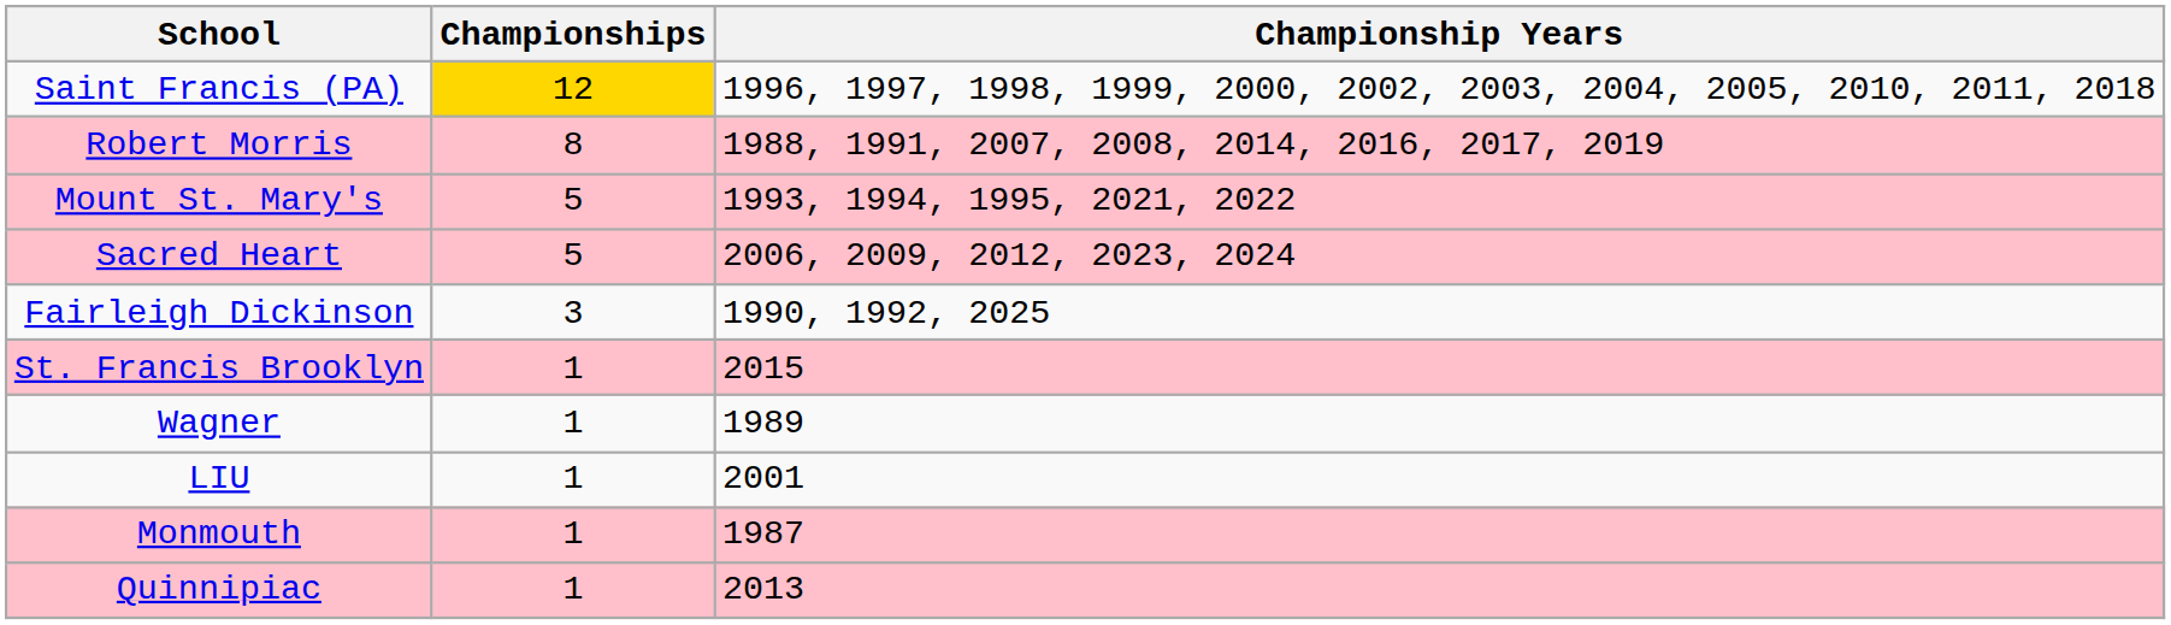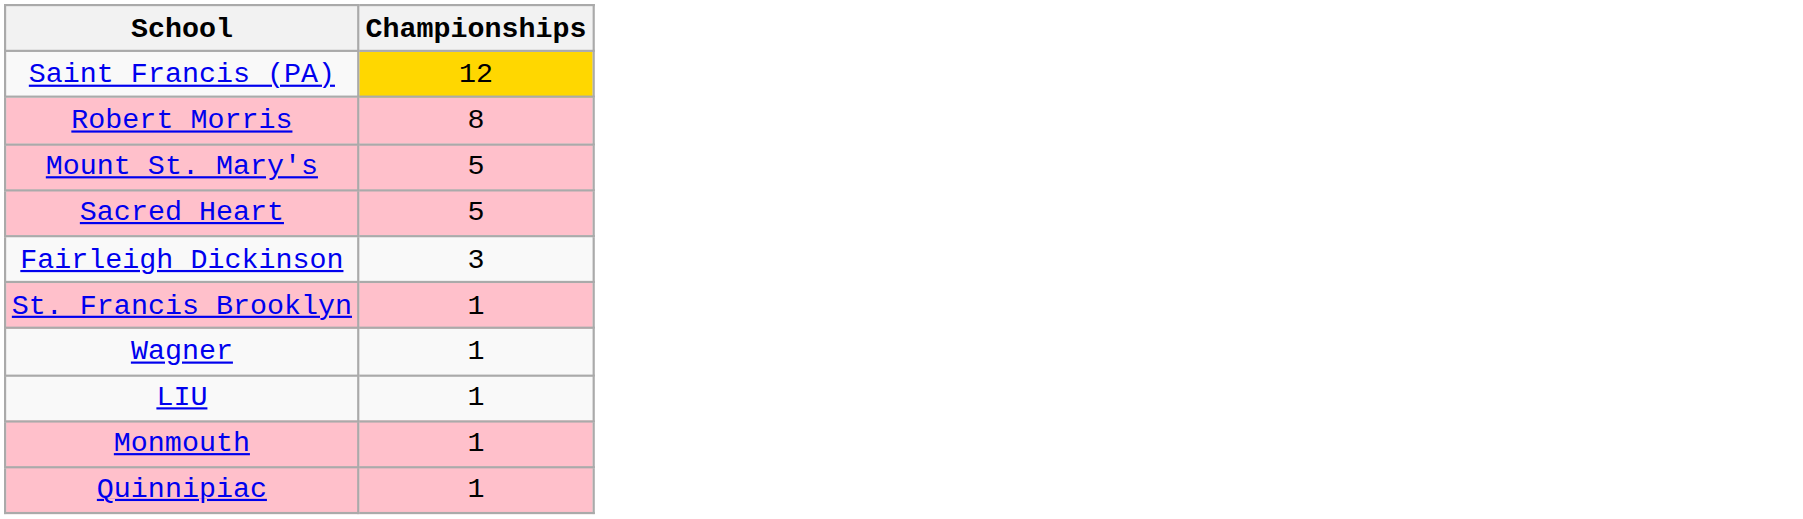 <table class="wikitable sortable" style="text-align:center">
 <tr>
 <th width=px>School</th>
 <th width=px>Championships</th>
-<th width=px>Championship Years</th>
 </tr>
 <tr>
 <td><a href='#'>Saint Francis (PA)</a></td>
 <td style="background: gold;">12</td>
-<td align=left>1996, 1997, 1998, 1999, 2000, 2002, 2003, 2004, 2005, 2010, 2011, 2018</td>
 </tr>
 <tr bgcolor=pink>
 <td><a href='#'>Robert Morris</a></td>
 <td>8</td>
-<td align=left>1988, 1991, 2007, 2008, 2014, 2016, 2017, 2019</td>
 </tr>
 <tr bgcolor=pink>
 <td><a href='#'>Mount St. Mary's</a></td>
 <td>5</td>
-<td align=left>1993, 1994, 1995, 2021, 2022</td>
 </tr>
 <tr bgcolor=pink>
 <td><a href='#'>Sacred Heart</a></td>
 <td>5</td>
-<td align=left>2006, 2009, 2012, 2023, 2024</td>
 </tr>
 <tr>
 <td><a href='#'>Fairleigh Dickinson</a></td>
 <td>3</td>
-<td align=left>1990, 1992, 2025</td>
 </tr>
 <tr bgcolor=pink>
 <td><a href='#'>St. Francis Brooklyn</a></td>
 <td>1</td>
-<td align=left>2015</td>
 </tr>
 <tr>
 <td><a href='#'>Wagner</a></td>
 <td>1</td>
-<td align=left>1989</td>
 </tr>
 <tr>
 <td><a href='#'>LIU</a></td>
 <td>1</td>
-<td align=left>2001</td>
 </tr>
 <tr bgcolor=pink>
 <td><a href='#'>Monmouth</a></td>
 <td>1</td>
-<td align=left>1987</td>
 </tr>
 <tr bgcolor=pink>
 <td><a href='#'>Quinnipiac</a></td>
 <td>1</td>
-<td align=left>2013</td>
 </tr>
 </table>
